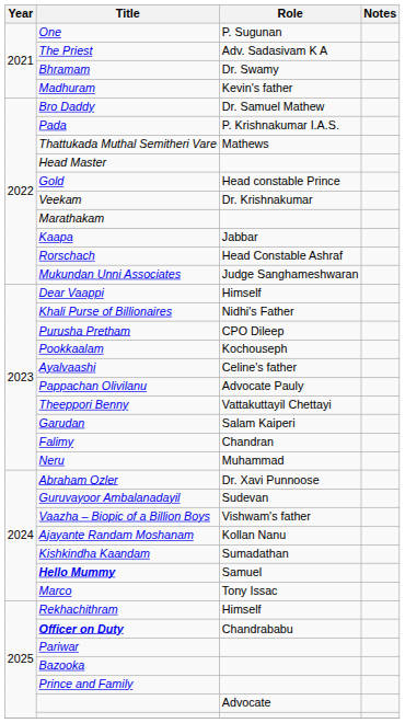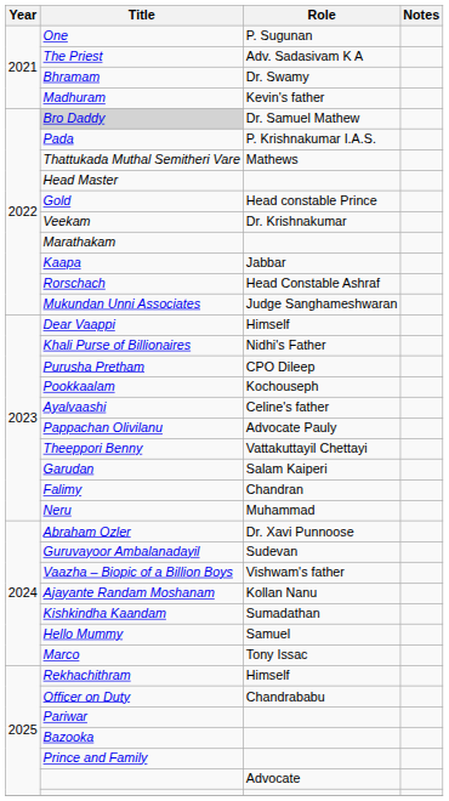 <table class="wikitable sortable">
 <tr>
 <th>Year</th>
 <th>Title</th>
 <th>Role</th>
 <th class="unsortable">Notes</th>
 </tr>
 <tr>
 <td rowspan=4>2021</td>
 <td><em><a href='#'>One</a></em></td>
 <td>P. Sugunan</td>
 <td></td>
 </tr>
 <tr>
 <td><em><a href='#'>The Priest</a></em></td>
 <td>Adv. Sadasivam K A</td>
 <td></td>
 </tr>
 <tr>
 <td><em><a href='#'>Bhramam</a></em></td>
 <td>Dr. Swamy</td>
 <td></td>
 </tr>
 <tr>
 <td><em><a href='#'>Madhuram</a></em></td>
 <td>Kevin's father</td>
 <td></td>
 </tr>
 <tr>
 <td rowspan=10>2022</td>
-<td><em><a href='#'>Bro Daddy</a></em></td>
+<td style="background: lightgrey;"><em><a href='#'>Bro Daddy</a></em></td>
 <td>Dr. Samuel Mathew</td>
 <td></td>
 </tr>
 <tr>
 <td><em><a href='#'>Pada</a></em></td>
 <td>P. Krishnakumar I.A.S.</td>
 <td></td>
 </tr>
 <tr>
 <td><em>Thattukada Muthal Semitheri Vare</em></td>
 <td>Mathews</td>
 <td></td>
 </tr>
 <tr>
 <td><em>Head Master</em></td>
 <td></td>
 <td></td>
 </tr>
 <tr>
 <td><em><a href='#'>Gold</a></em></td>
 <td>Head constable Prince</td>
 <td></td>
 </tr>
 <tr>
 <td><em>Veekam</em></td>
 <td>Dr. Krishnakumar</td>
 <td></td>
 </tr>
 <tr>
 <td><em>Marathakam</em></td>
 <td></td>
 <td></td>
 </tr>
 <tr>
 <td><em><a href='#'>Kaapa</a></em></td>
 <td>Jabbar</td>
 <td></td>
 </tr>
 <tr>
 <td><em><a href='#'>Rorschach</a></em></td>
 <td>Head Constable Ashraf</td>
 <td></td>
 </tr>
 <tr>
 <td><em><a href='#'>Mukundan Unni Associates</a></em></td>
 <td>Judge Sanghameshwaran</td>
 <td></td>
 </tr>
 <tr>
 <td rowspan=10>2023</td>
 <td><em><a href='#'>Dear Vaappi</a></em></td>
 <td>Himself</td>
 <td></td>
 </tr>
 <tr>
 <td><em><a href='#'>Khali Purse of Billionaires</a></em></td>
 <td>Nidhi's Father</td>
 <td></td>
 </tr>
 <tr>
 <td><em><a href='#'>Purusha Pretham</a></em></td>
 <td>CPO Dileep</td>
 <td></td>
 </tr>
 <tr>
 <td><em><a href='#'>Pookkaalam</a></em></td>
 <td>Kochouseph</td>
 <td></td>
 </tr>
 <tr>
 <td><em><a href='#'>Ayalvaashi</a></em></td>
 <td>Celine's father</td>
 <td></td>
 </tr>
 <tr>
 <td><em><a href='#'>Pappachan Olivilanu</a></em></td>
 <td>Advocate Pauly</td>
 <td></td>
 </tr>
 <tr>
 <td><em><a href='#'>Theeppori Benny</a></em></td>
 <td>Vattakuttayil Chettayi</td>
 <td></td>
 </tr>
 <tr>
 <td><em><a href='#'>Garudan</a></em></td>
 <td>Salam Kaiperi</td>
 <td></td>
 </tr>
 <tr>
 <td><em><a href='#'>Falimy</a></em></td>
 <td>Chandran</td>
 <td></td>
 </tr>
 <tr>
 <td><em><a href='#'>Neru</a></em></td>
 <td>Muhammad</td>
 <td></td>
 </tr>
 <tr>
 <td rowspan=7>2024</td>
 <td><em><a href='#'>Abraham Ozler</a></em></td>
 <td>Dr. Xavi Punnoose</td>
 <td></td>
 </tr>
 <tr>
 <td><em><a href='#'>Guruvayoor Ambalanadayil</a></em></td>
 <td>Sudevan</td>
 <td></td>
 </tr>
 <tr>
 <td><em><a href='#'>Vaazha – Biopic of a Billion Boys</a></em></td>
 <td>Vishwam's father</td>
 <td></td>
 </tr>
 <tr>
 <td><em><a href='#'>Ajayante Randam Moshanam</a></em></td>
 <td>Kollan Nanu</td>
 <td></td>
 </tr>
 <tr>
 <td><em><a href='#'>Kishkindha Kaandam</a></em></td>
 <td>Sumadathan</td>
 <td></td>
 </tr>
 <tr>
-<td><strong><em><a href='#'>Hello Mummy</a></em></strong></td>
+<td><em><a href='#'>Hello Mummy</a></em></td>
 <td>Samuel</td>
 <td></td>
 </tr>
 <tr>
 <td><em><a href='#'>Marco</a></em></td>
 <td>Tony Issac</td>
 <td></td>
 </tr>
 <tr>
 <td rowspan=7>2025</td>
 <td><em><a href='#'>Rekhachithram</a></em></td>
 <td>Himself</td>
 <td></td>
 </tr>
 <tr>
-<td><strong><em><a href='#'>Officer on Duty</a></em></strong></td>
+<td><em><a href='#'>Officer on Duty</a></em></td>
 <td>Chandrababu</td>
 <td></td>
 </tr>
 <tr>
 <td><em><a href='#'>Pariwar</a></em></td>
 <td></td>
 <td></td>
 </tr>
 <tr>
 <td><em><a href='#'>Bazooka</a></em></td>
 <td></td>
 <td></td>
 </tr>
 <tr>
 <td><em><a href='#'>Prince and Family</a></em></td>
 <td></td>
 <td></td>
 </tr>
 <tr>
 <td></td>
 <td>Advocate</td>
 <td></td>
 </tr>
 <tr>
 <td></td>
 <td></td>
 <td></td>
 </tr>
 <tr>
 </tr>
 </table>
